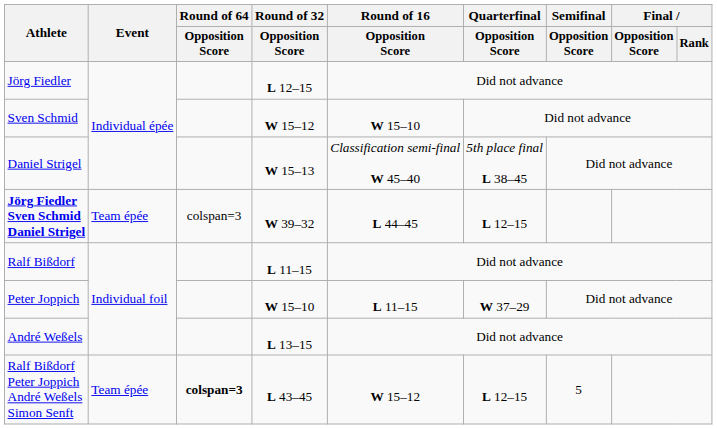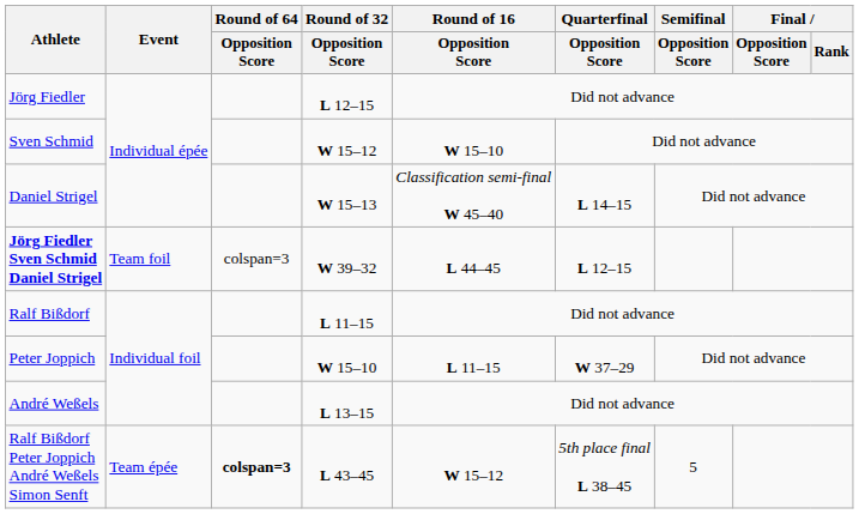 <table class="wikitable" style="font-size:90%">
 <tr>
 <th rowspan="2">Athlete</th>
 <th rowspan="2">Event</th>
 <th>Round of 64</th>
 <th>Round of 32</th>
 <th>Round of 16</th>
 <th>Quarterfinal</th>
 <th>Semifinal</th>
 <th colspan=2>Final / </th>
 </tr>
 <tr style="font-size:95%">
 <th>Opposition <br> Score</th>
 <th>Opposition <br> Score</th>
 <th>Opposition <br> Score</th>
 <th>Opposition <br> Score</th>
 <th>Opposition <br> Score</th>
 <th>Opposition <br> Score</th>
 <th>Rank</th>
 </tr>
 <tr align=center>
 <td align=left><a href='#'>Jörg Fiedler</a></td>
 <td align=left rowspan=3><a href='#'>Individual épée</a></td>
 <td></td>
 <td><br><strong>L</strong> 12–15</td>
 <td colspan=5>Did not advance</td>
 </tr>
 <tr align=center>
 <td align=left><a href='#'>Sven Schmid</a></td>
 <td></td>
 <td><br><strong>W</strong> 15–12</td>
 <td><br><strong>W</strong> 15–10</td>
 <td colspan=4>Did not advance</td>
 </tr>
 <tr align=center>
 <td align=left><a href='#'>Daniel Strigel</a></td>
 <td></td>
 <td><br><strong>W</strong> 15–13</td>
 <td><em>Classification semi-final</em><br><br><strong>W</strong> 45–40</td>
-<td><em>5th place final</em><br><br><strong>L</strong> 38–45</td>
+<td><br><strong>L</strong> 14–15</td>
 <td colspan=3>Did not advance</td>
 </tr>
 <tr align=center>
 <td align=left><strong><a href='#'>Jörg Fiedler</a><br><a href='#'>Sven Schmid</a><br><a href='#'>Daniel Strigel</a></strong></td>
-<td align=left><a href='#'>Team épée</a></td>
+<td align=left><a href='#'>Team foil</a></td>
 <td>colspan=3 </td>
 <td><br><strong>W</strong> 39–32</td>
 <td><br><strong>L</strong> 44–45</td>
 <td><br><strong>L</strong> 12–15</td>
 <td></td>
 </tr>
 <tr align=center>
 <td align=left><a href='#'>Ralf Bißdorf</a></td>
 <td align=left rowspan=3><a href='#'>Individual foil</a></td>
 <td></td>
 <td><br><strong>L</strong> 11–15</td>
 <td colspan=5>Did not advance</td>
 </tr>
 <tr align=center>
 <td align=left><a href='#'>Peter Joppich</a></td>
 <td></td>
 <td><br><strong>W</strong> 15–10</td>
 <td><br><strong>L</strong> 11–15</td>
 <td><br><strong>W</strong> 37–29</td>
 <td colspan=3>Did not advance</td>
 </tr>
 <tr align=center>
 <td align=left><a href='#'>André Weßels</a></td>
 <td></td>
 <td><br><strong>L</strong> 13–15</td>
 <td colspan=5>Did not advance</td>
 </tr>
 <tr align=center>
 <td align=left><a href='#'>Ralf Bißdorf</a><br><a href='#'>Peter Joppich</a><br><a href='#'>André Weßels</a><br><a href='#'>Simon Senft</a></td>
 <td align=left><a href='#'>Team épée</a></td>
 <td><strong>colspan=3 </strong></td>
 <td><br><strong>L</strong> 43–45</td>
 <td><br><strong>W</strong> 15–12</td>
-<td><br><strong>L</strong> 12–15</td>
+<td><em>5th place final</em><br><br><strong>L</strong> 38–45</td>
 <td>5</td>
 </tr>
 </table>
